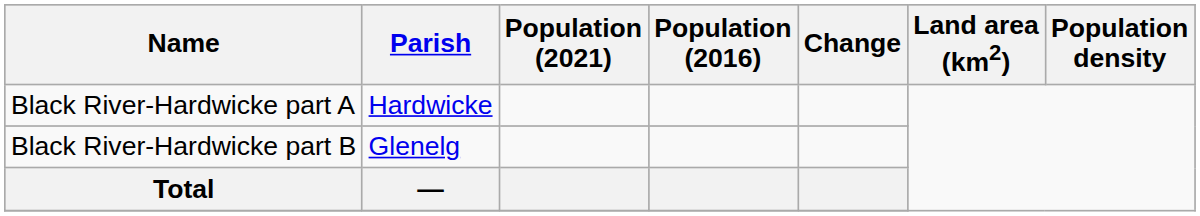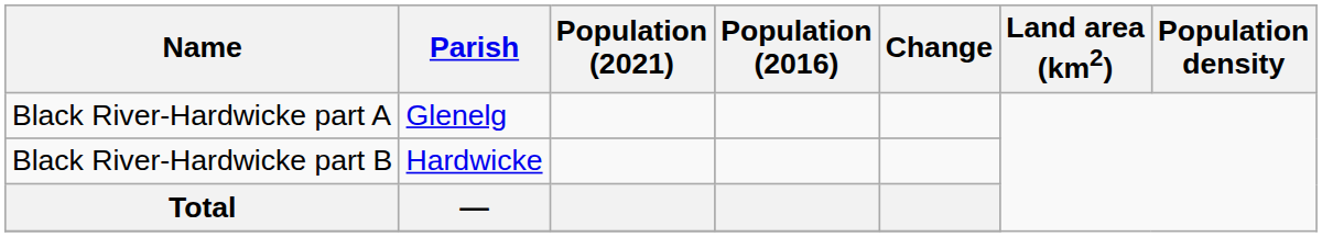 <table class="wikitable sortable collapsible">
 <tr>
 <th scope="col">Name</th>
 <th scope="col"><a href='#'>Parish</a></th>
 <th scope="col">Population<br>(2021)</th>
 <th scope="col">Population<br>(2016)</th>
 <th scope="col">Change</th>
 <th scope="col">Land area<br>(km<sup>2</sup>)</th>
 <th scope="col">Population<br>density</th>
 </tr>
 <tr>
 <td scope="row">Black River-Hardwicke part A</td>
-<td><a href='#'>Hardwicke</a></td>
+<td><a href='#'>Glenelg</a></td>
 <td></td>
 <td align=center></td>
 <td align=center></td>
 </tr>
 <tr>
 <td scope="row">Black River-Hardwicke part B</td>
-<td><a href='#'>Glenelg</a></td>
+<td><a href='#'>Hardwicke</a></td>
 <td></td>
 <td align=center></td>
 <td align=center></td>
 </tr>
 <tr class="sortbottom" align="center" style="background: #f2f2f2;">
 <td><strong>Total</strong></td>
 <td align=center><strong>—</strong></td>
 <td></td>
 <td align=center><strong></strong></td>
 <td><strong></strong></td>
 </tr>
 <tr>
 </tr>
 </table>
